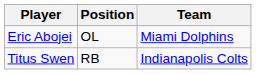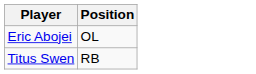 <table class="wikitable sortable">
 <tr>
 <th style="text-align:center; ">Player</th>
 <th style="text-align:center; ">Position</th>
-<th style="text-align:center; ">Team</th>
 </tr>
 <tr>
 <td><a href='#'>Eric Abojei</a></td>
 <td>OL</td>
-<td><a href='#'>Miami Dolphins</a></td>
 </tr>
 <tr>
 <td><a href='#'>Titus Swen</a></td>
 <td>RB</td>
-<td><a href='#'>Indianapolis Colts</a></td>
 </tr>
 </table>
